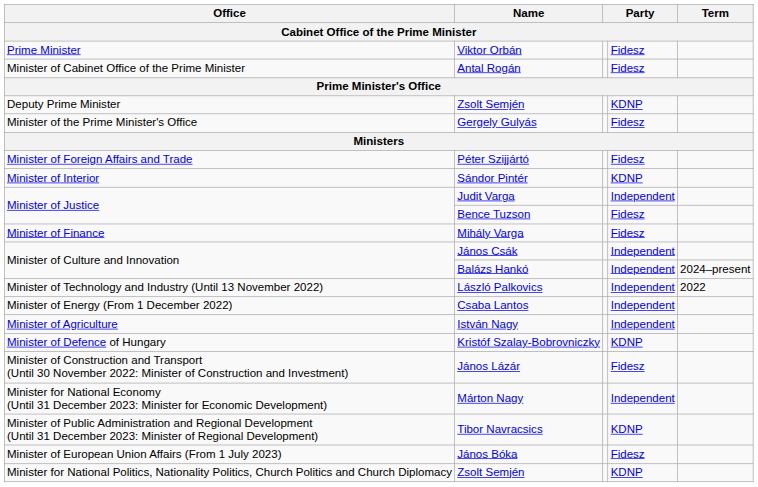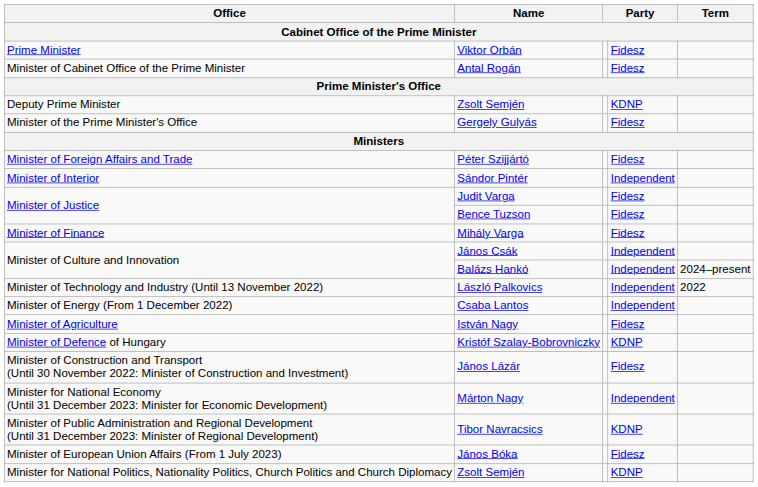 <table class="wikitable" style="font-size: 100%;">
 <tr>
 <th>Office</th>
 <th>Name</th>
 <th colspan=2>Party</th>
 <th>Term</th>
 </tr>
 <tr>
 <th colspan="5" style="text-align: center;">Cabinet Office of the Prime Minister</th>
 </tr>
 <tr>
 <td><a href='#'>Prime Minister</a></td>
 <td><a href='#'>Viktor Orbán</a></td>
 <td style="color:inherit;background:"></td>
 <td><a href='#'>Fidesz</a></td>
 <td></td>
 </tr>
 <tr>
 <td>Minister of Cabinet Office of the Prime Minister</td>
 <td><a href='#'>Antal Rogán</a></td>
 <td style="color:inherit;background:"></td>
 <td><a href='#'>Fidesz</a></td>
 <td></td>
 </tr>
 <tr>
 <th colspan="5" style="text-align: center;">Prime Minister's Office</th>
 </tr>
 <tr>
 <td>Deputy Prime Minister</td>
 <td><a href='#'>Zsolt Semjén</a></td>
 <td style="color:inherit;background:"></td>
 <td><a href='#'>KDNP</a></td>
 <td></td>
 </tr>
 <tr>
 <td>Minister of the Prime Minister's Office</td>
 <td><a href='#'>Gergely Gulyás</a></td>
 <td style="color:inherit;background:"></td>
 <td><a href='#'>Fidesz</a></td>
 <td></td>
 </tr>
 <tr>
 <th colspan="5" style="text-align: center;">Ministers</th>
 </tr>
 <tr>
 <td><a href='#'>Minister of Foreign Affairs and Trade</a></td>
 <td><a href='#'>Péter Szijjártó</a></td>
 <td style="color:inherit;background:"></td>
 <td><a href='#'>Fidesz</a></td>
 <td></td>
 </tr>
 <tr>
 <td><a href='#'>Minister of Interior</a></td>
 <td><a href='#'>Sándor Pintér</a></td>
 <td style="color:inherit;background:"></td>
-<td><a href='#'>KDNP</a></td>
+<td><a href='#'>Independent</a></td>
 <td></td>
 </tr>
 <tr>
 <td rowspan=2><a href='#'>Minister of Justice</a></td>
 <td><a href='#'>Judit Varga</a></td>
 <td style="color:inherit;background:"></td>
-<td><a href='#'>Independent</a></td>
+<td><a href='#'>Fidesz</a></td>
 <td></td>
 </tr>
 <tr>
 <td><a href='#'>Bence Tuzson</a></td>
 <td style="color:inherit;background:"></td>
 <td><a href='#'>Fidesz</a></td>
 <td></td>
 </tr>
 <tr>
 <td><a href='#'>Minister of Finance</a></td>
 <td><a href='#'>Mihály Varga</a></td>
 <td style="color:inherit;background:"></td>
 <td><a href='#'>Fidesz</a></td>
 <td></td>
 </tr>
 <tr>
 <td rowspan="2">Minister of Culture and Innovation</td>
 <td><a href='#'>János Csák</a></td>
 <td style="color:inherit;background:"></td>
 <td><a href='#'>Independent</a></td>
 <td></td>
 </tr>
 <tr>
 <td><a href='#'>Balázs Hankó</a></td>
 <td style="color:inherit;background:"></td>
 <td><a href='#'>Independent</a></td>
 <td>2024–present</td>
 </tr>
 <tr>
 <td>Minister of Technology and Industry (Until 13 November 2022)</td>
 <td><a href='#'>László Palkovics</a></td>
 <td style="color:inherit;background:"></td>
 <td><a href='#'>Independent</a></td>
 <td>2022</td>
 </tr>
 <tr>
 <td>Minister of Energy (From 1 December 2022)</td>
 <td><a href='#'>Csaba Lantos</a></td>
 <td style="color:inherit;background:"></td>
 <td><a href='#'>Independent</a></td>
 <td></td>
 </tr>
 <tr>
 <td><a href='#'>Minister of Agriculture</a></td>
 <td><a href='#'>István Nagy</a></td>
 <td style="color:inherit;background:"></td>
-<td><a href='#'>Independent</a></td>
+<td><a href='#'>Fidesz</a></td>
 <td></td>
 </tr>
 <tr>
 <td><a href='#'>Minister of Defence</a> of Hungary</td>
 <td><a href='#'>Kristóf Szalay-Bobrovniczky</a></td>
 <td style="color:inherit;background:"></td>
 <td><a href='#'>KDNP</a></td>
 <td></td>
 </tr>
 <tr>
 <td>Minister of Construction and Transport<br>(Until 30 November 2022: Minister of Construction and Investment)</td>
 <td><a href='#'>János Lázár</a></td>
 <td style="color:inherit;background:"></td>
 <td><a href='#'>Fidesz</a></td>
 <td></td>
 </tr>
 <tr>
 <td>Minister for National Economy<br>(Until 31 December 2023: Minister for Economic Development)</td>
 <td><a href='#'>Márton Nagy</a></td>
 <td style="color:inherit;background:"></td>
 <td><a href='#'>Independent</a></td>
 <td></td>
 </tr>
 <tr>
 <td>Minister of Public Administration and Regional Development<br>(Until 31 December 2023: Minister of Regional Development)</td>
 <td><a href='#'>Tibor Navracsics</a></td>
 <td style="color:inherit;background:"></td>
 <td><a href='#'>KDNP</a></td>
 <td></td>
 </tr>
 <tr>
 <td>Minister of European Union Affairs (From 1 July 2023)</td>
 <td><a href='#'>János Bóka</a></td>
 <td style="color:inherit;background:"></td>
 <td><a href='#'>Fidesz</a></td>
 <td></td>
 </tr>
 <tr>
 <td>Minister for National Politics, Nationality Politics, Church Politics and Church Diplomacy</td>
 <td><a href='#'>Zsolt Semjén</a></td>
 <td style="color:inherit;background:"></td>
 <td><a href='#'>KDNP</a></td>
 <td></td>
 </tr>
 </table>
